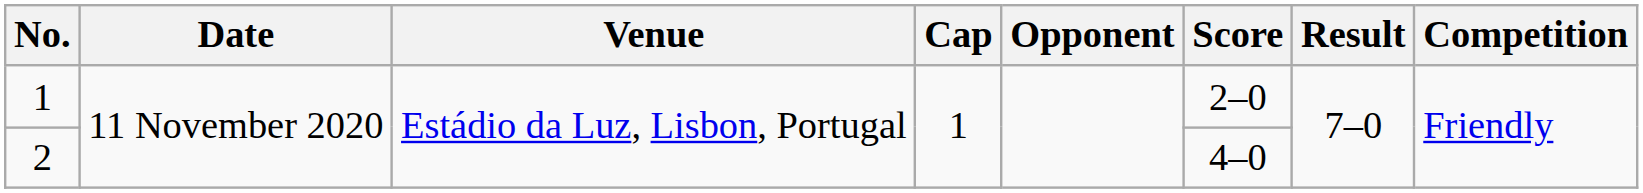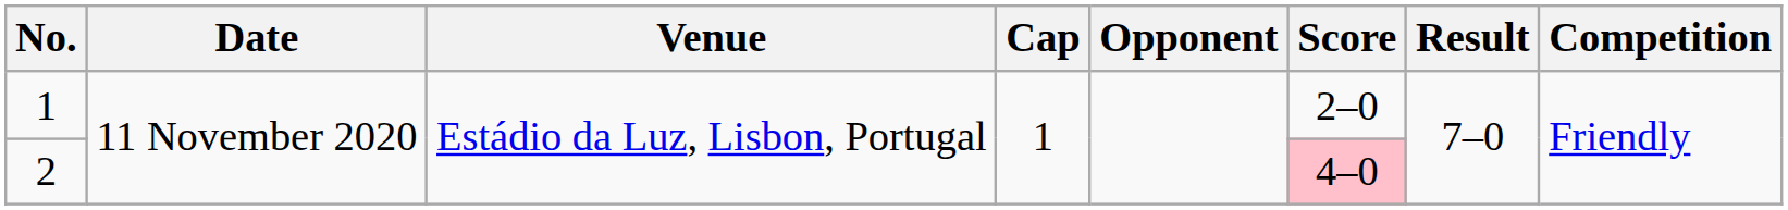 <table class="wikitable sortable">
 <tr>
 <th scope="col">No.</th>
 <th scope="col">Date</th>
 <th scope="col">Venue</th>
 <th scope="col">Cap</th>
 <th scope="col">Opponent</th>
 <th scope="col">Score</th>
 <th scope="col">Result</th>
 <th scope="col">Competition</th>
 </tr>
 <tr>
 <td align="center">1</td>
 <td rowspan="2">11 November 2020</td>
 <td rowspan="2"><a href='#'>Estádio da Luz</a>, <a href='#'>Lisbon</a>, Portugal</td>
 <td rowspan="2" align="center">1</td>
 <td rowspan="2"></td>
 <td align="center">2–0</td>
 <td rowspan="2" align="center">7–0</td>
 <td rowspan="2"><a href='#'>Friendly</a></td>
 </tr>
 <tr>
 <td align="center">2</td>
-<td align="center">4–0</td>
+<td align="center" style="background: pink;">4–0</td>
 </tr>
 </table>
